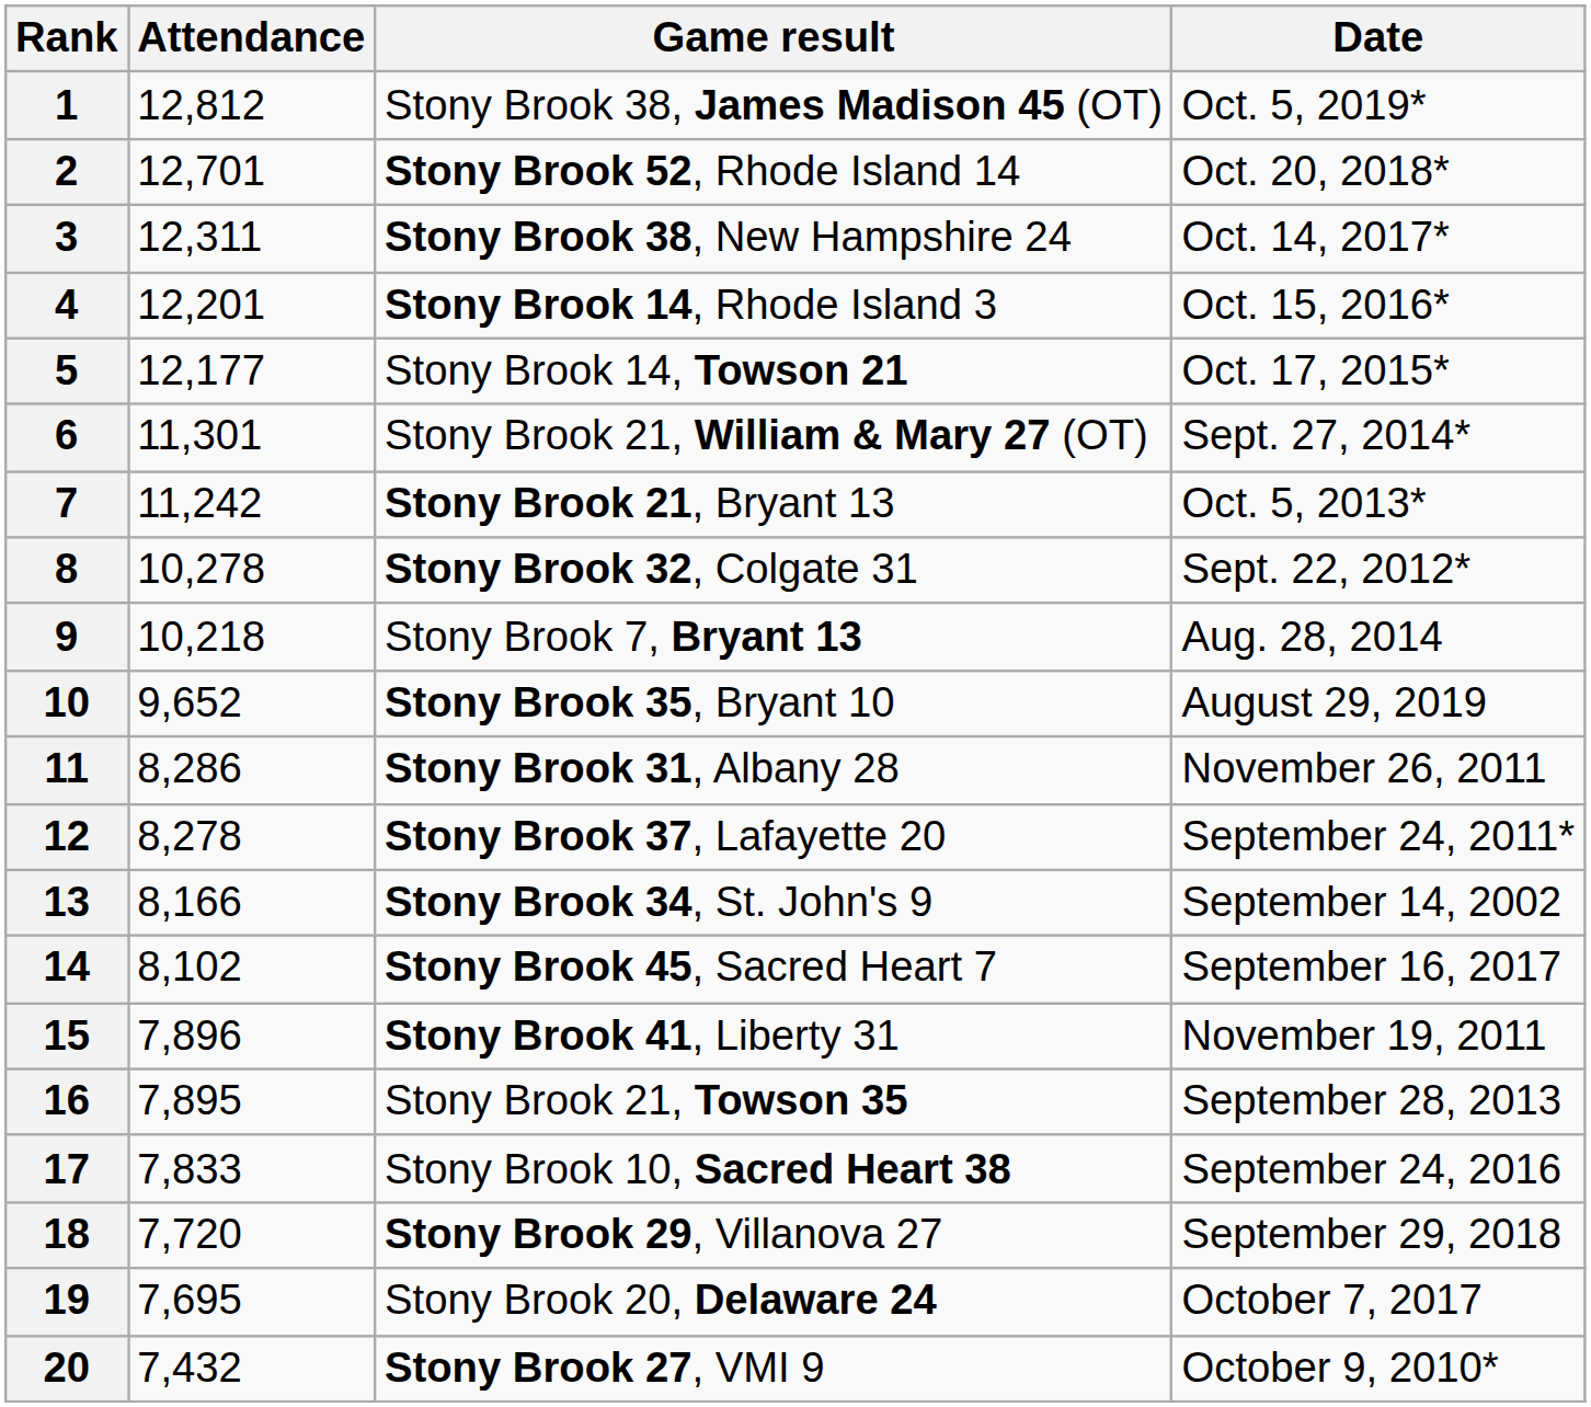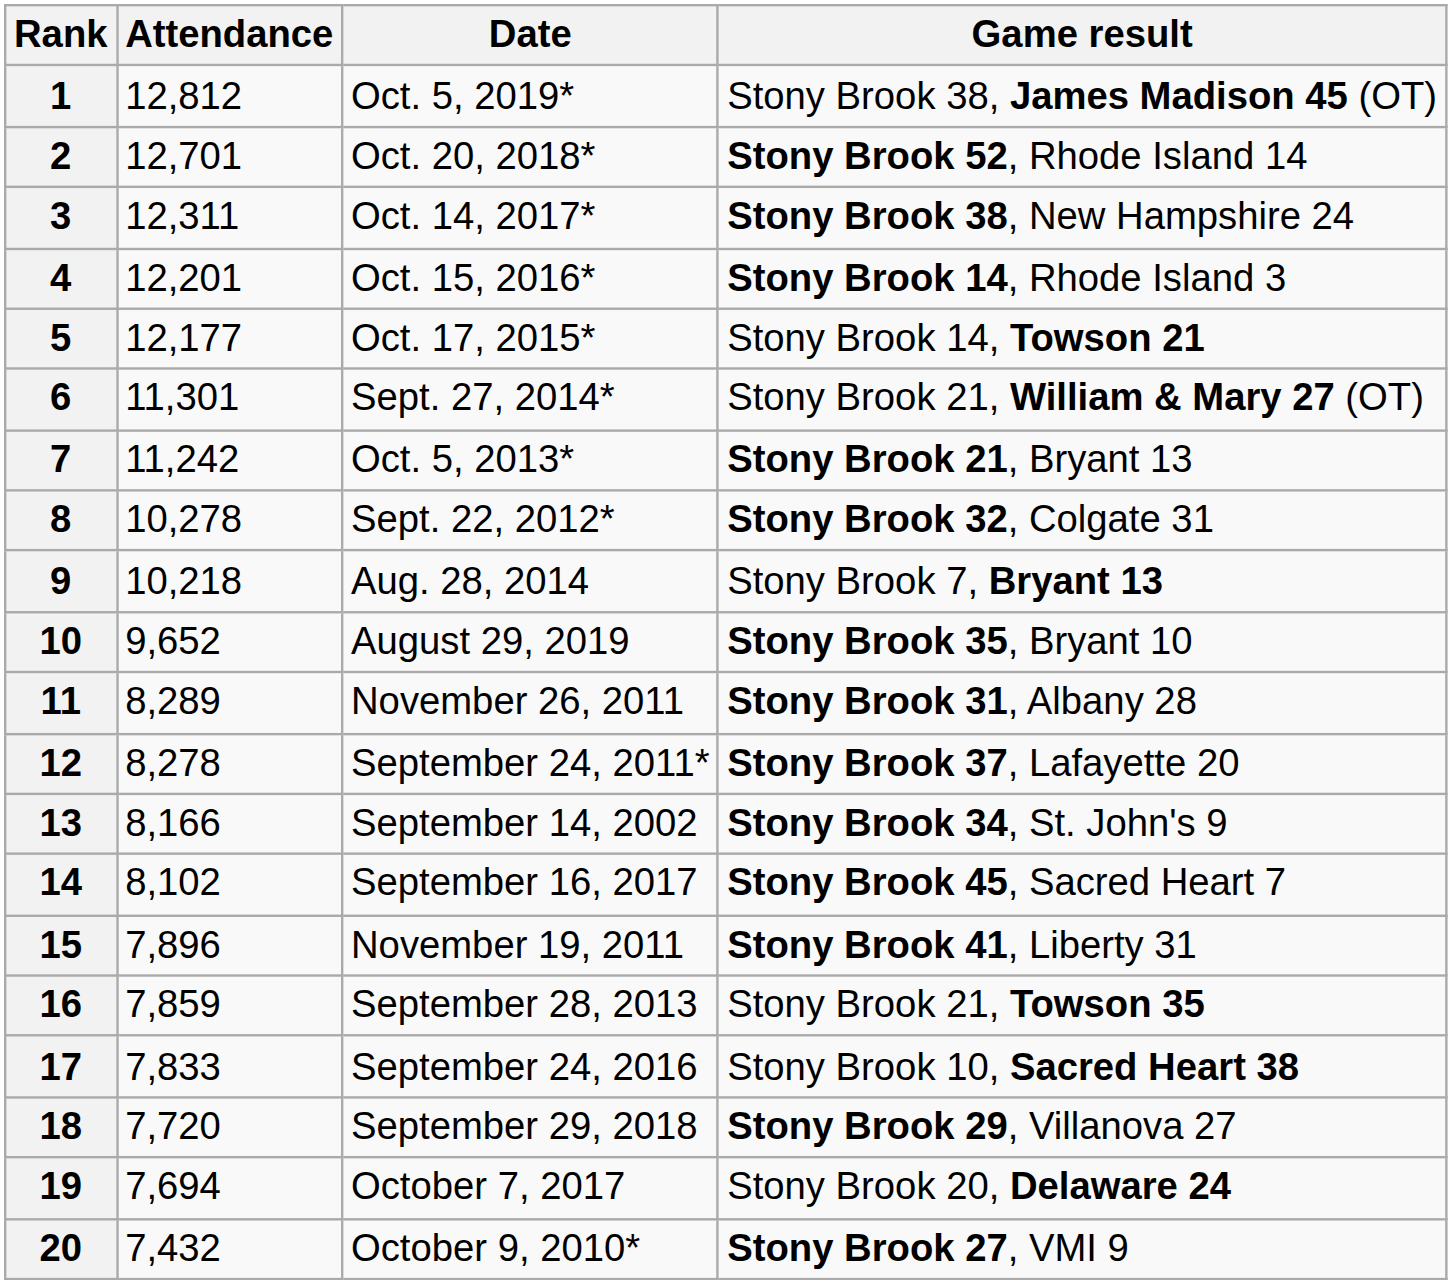 <table class="wikitable">
 <tr>
 <th>Rank</th>
 <th>Attendance</th>
+<th>Date</th>
 <th>Game result</th>
-<th>Date</th>
 </tr>
 <tr>
 <th>1</th>
 <td>12,812</td>
+<td>Oct. 5, 2019*</td>
 <td> Stony Brook 38, <strong> James Madison 45</strong> (OT)</td>
-<td>Oct. 5, 2019*</td>
 </tr>
 <tr>
 <th>2</th>
 <td>12,701</td>
+<td>Oct. 20, 2018*</td>
 <td><strong> Stony Brook 52</strong>, Rhode Island 14</td>
-<td>Oct. 20, 2018*</td>
 </tr>
 <tr>
 <th>3</th>
 <td>12,311</td>
+<td>Oct. 14, 2017*</td>
 <td><strong>Stony Brook 38</strong>,  New Hampshire 24</td>
-<td>Oct. 14, 2017*</td>
 </tr>
 <tr>
 <th>4</th>
 <td>12,201</td>
+<td>Oct. 15, 2016*</td>
 <td><strong>Stony Brook 14</strong>, Rhode Island 3</td>
-<td>Oct. 15, 2016*</td>
 </tr>
 <tr>
 <th>5</th>
 <td>12,177</td>
+<td>Oct. 17, 2015*</td>
 <td>Stony Brook 14, <strong>Towson 21</strong></td>
-<td>Oct. 17, 2015*</td>
 </tr>
 <tr>
 <th>6</th>
 <td>11,301</td>
+<td>Sept. 27, 2014*</td>
 <td>Stony Brook 21, <strong>William & Mary 27</strong> (OT)</td>
-<td>Sept. 27, 2014*</td>
 </tr>
 <tr>
 <th>7</th>
 <td>11,242</td>
+<td>Oct. 5, 2013*</td>
 <td><strong>Stony Brook 21</strong>, Bryant 13</td>
-<td>Oct. 5, 2013*</td>
 </tr>
 <tr>
 <th>8</th>
 <td>10,278</td>
+<td>Sept. 22, 2012*</td>
 <td><strong>Stony Brook 32</strong>, Colgate 31</td>
-<td>Sept. 22, 2012*</td>
 </tr>
 <tr>
 <th>9</th>
 <td>10,218</td>
+<td>Aug. 28, 2014</td>
 <td>Stony Brook 7, <strong>Bryant 13</strong></td>
-<td>Aug. 28, 2014</td>
 </tr>
 <tr>
 <th>10</th>
 <td>9,652</td>
+<td>August 29, 2019</td>
 <td><strong>Stony Brook 35</strong>, Bryant 10</td>
-<td>August 29, 2019</td>
 </tr>
 <tr>
 <th>11</th>
-<td>8,286</td>
+<td>8,289</td>
+<td>November 26, 2011</td>
 <td><strong> Stony Brook 31</strong>, Albany 28</td>
-<td>November 26, 2011</td>
 </tr>
 <tr>
 <th>12</th>
 <td>8,278</td>
+<td>September 24, 2011*</td>
 <td><strong>Stony Brook 37</strong>, Lafayette 20</td>
-<td>September 24, 2011*</td>
 </tr>
 <tr>
 <th>13</th>
 <td>8,166</td>
+<td>September 14, 2002</td>
 <td><strong>Stony Brook 34</strong>, St. John's 9</td>
-<td>September 14, 2002</td>
 </tr>
 <tr>
 <th>14</th>
 <td>8,102</td>
+<td>September 16, 2017</td>
 <td><strong>Stony Brook 45</strong>, Sacred Heart 7</td>
-<td>September 16, 2017</td>
 </tr>
 <tr>
 <th>15</th>
 <td>7,896</td>
+<td>November 19, 2011</td>
 <td><strong>Stony Brook 41</strong>,  Liberty 31</td>
-<td>November 19, 2011</td>
 </tr>
 <tr>
 <th>16</th>
-<td>7,895</td>
+<td>7,859</td>
+<td>September 28, 2013</td>
 <td>Stony Brook 21, <strong> Towson 35</strong></td>
-<td>September 28, 2013</td>
 </tr>
 <tr>
 <th>17</th>
 <td>7,833</td>
+<td>September 24, 2016</td>
 <td> Stony Brook 10, <strong>Sacred Heart 38</strong></td>
-<td>September 24, 2016</td>
 </tr>
 <tr>
 <th>18</th>
 <td>7,720</td>
+<td>September 29, 2018</td>
 <td><strong> Stony Brook 29</strong>,  Villanova 27</td>
-<td>September 29, 2018</td>
 </tr>
 <tr>
 <th>19</th>
-<td>7,695</td>
+<td>7,694</td>
+<td>October 7, 2017</td>
 <td> Stony Brook 20, <strong>Delaware 24</strong></td>
-<td>October 7, 2017</td>
 </tr>
 <tr>
 <th>20</th>
 <td>7,432</td>
+<td>October 9, 2010*</td>
 <td><strong>Stony Brook 27</strong>, VMI 9</td>
-<td>October 9, 2010*</td>
 </tr>
 </table>
